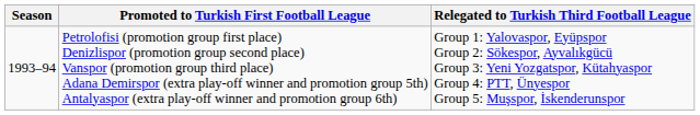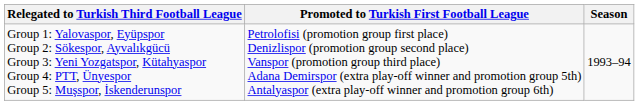 <table class="wikitable">
 <tr>
+<th>Relegated to <a href='#'>Turkish Third Football League</a></th>
+<th>Promoted to <a href='#'>Turkish First Football League</a></th>
 <th>Season</th>
-<th>Promoted to <a href='#'>Turkish First Football League</a></th>
-<th>Relegated to <a href='#'>Turkish Third Football League</a></th>
 </tr>
 <tr>
+<td>Group 1: <a href='#'>Yalovaspor</a>, <a href='#'>Eyüpspor</a><br>Group 2: <a href='#'>Sökespor</a>, <a href='#'>Ayvalıkgücü</a><br>Group 3: <a href='#'>Yeni Yozgatspor</a>, <a href='#'>Kütahyaspor</a><br>Group 4: <a href='#'>PTT</a>, <a href='#'>Ünyespor</a><br>Group 5: <a href='#'>Muşspor</a>, <a href='#'>İskenderunspor</a></td>
+<td><a href='#'>Petrolofisi</a> (promotion group first place)<br><a href='#'>Denizlispor</a> (promotion group second place)<br><a href='#'>Vanspor</a> (promotion group third place)<br><a href='#'>Adana Demirspor</a> (extra play-off winner and promotion group 5th)<br><a href='#'>Antalyaspor</a> (extra play-off winner and promotion group 6th)</td>
 <td>1993–94</td>
-<td><a href='#'>Petrolofisi</a> (promotion group first place)<br><a href='#'>Denizlispor</a> (promotion group second place)<br><a href='#'>Vanspor</a> (promotion group third place)<br><a href='#'>Adana Demirspor</a> (extra play-off winner and promotion group 5th)<br><a href='#'>Antalyaspor</a> (extra play-off winner and promotion group 6th)</td>
-<td>Group 1: <a href='#'>Yalovaspor</a>, <a href='#'>Eyüpspor</a><br>Group 2: <a href='#'>Sökespor</a>, <a href='#'>Ayvalıkgücü</a><br>Group 3: <a href='#'>Yeni Yozgatspor</a>, <a href='#'>Kütahyaspor</a><br>Group 4: <a href='#'>PTT</a>, <a href='#'>Ünyespor</a><br>Group 5: <a href='#'>Muşspor</a>, <a href='#'>İskenderunspor</a></td>
 </tr>
 </table>
